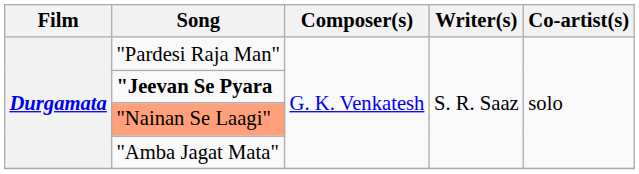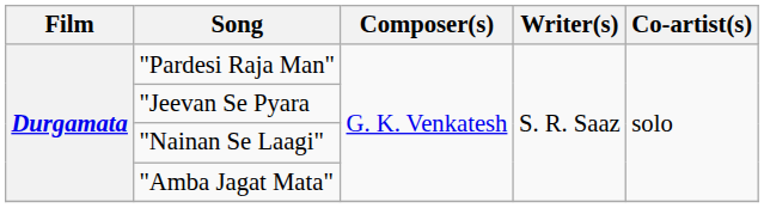 <table class="wikitable sortable">
 <tr>
 <th>Film</th>
 <th>Song</th>
 <th>Composer(s)</th>
 <th>Writer(s)</th>
 <th>Co-artist(s)</th>
 </tr>
 <tr>
 <th rowspan="4"><a href='#'><em>Durgamata</em></a></th>
 <td>"Pardesi Raja Man"</td>
 <td rowspan="4"><a href='#'>G. K. Venkatesh</a></td>
 <td rowspan=4>S. R. Saaz</td>
 <td rowspan=4>solo</td>
 </tr>
 <tr>
-<td><strong>"Jeevan Se Pyara</strong></td>
+<td>"Jeevan Se Pyara</td>
 </tr>
 <tr>
-<td style="background: lightsalmon;">"Nainan Se Laagi"</td>
+<td>"Nainan Se Laagi"</td>
 </tr>
 <tr>
 <td>"Amba Jagat Mata"</td>
 </tr>
 <tr>
 </tr>
 </table>
